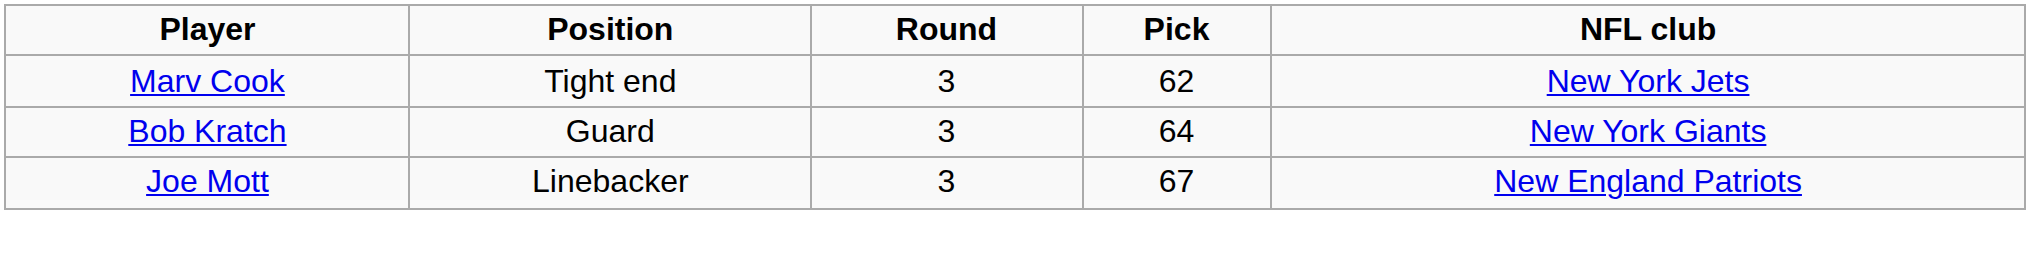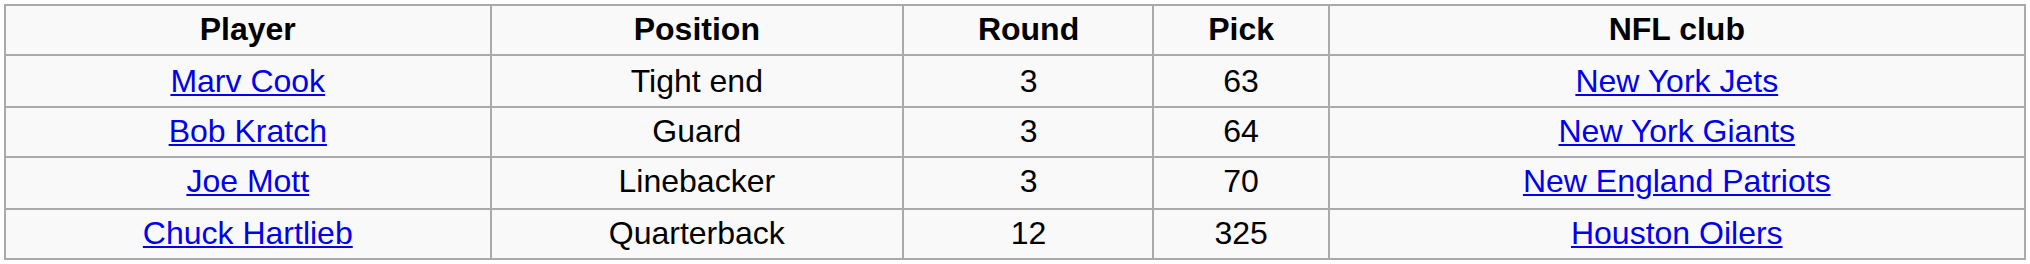 <table class="wikitable" width="80%">
 <tr align="center">
 <td><strong>Player</strong></td>
 <td><strong>Position</strong></td>
 <td><strong>Round</strong></td>
 <td><strong>Pick</strong></td>
 <td><strong>NFL club</strong></td>
 </tr>
 <tr align="center" bgcolor="">
 <td><a href='#'>Marv Cook</a></td>
 <td>Tight end</td>
 <td>3</td>
-<td>62</td>
+<td>63</td>
 <td><a href='#'>New York Jets</a></td>
 </tr>
 <tr align="center" bgcolor="">
 <td><a href='#'>Bob Kratch</a></td>
 <td>Guard</td>
 <td>3</td>
 <td>64</td>
 <td><a href='#'>New York Giants</a></td>
 </tr>
 <tr align="center" bgcolor="">
 <td><a href='#'>Joe Mott</a></td>
 <td>Linebacker</td>
 <td>3</td>
-<td>67</td>
+<td>70</td>
 <td><a href='#'>New England Patriots</a></td>
+</tr>
+<tr align="center" bgcolor="">
+<td><a href='#'>Chuck Hartlieb</a></td>
+<td>Quarterback</td>
+<td>12</td>
+<td>325</td>
+<td><a href='#'>Houston Oilers</a></td>
 </tr>
 <tr align="center" bgcolor="">
 </tr>
 </table>
